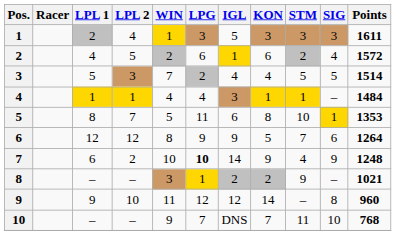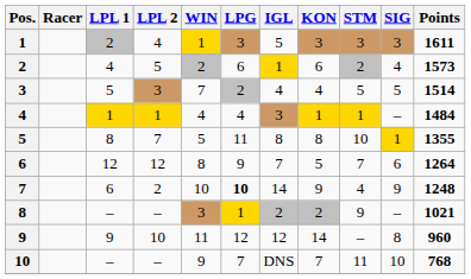 <table class="wikitable sortable plainrowheaders" style="text-align:center;">
 <tr>
 <th scope="col">Pos.</th>
 <th scope="col">Racer</th>
 <th scope="col"> <a href='#'>LPL</a> 1</th>
 <th scope="col"> <a href='#'>LPL</a> 2</th>
 <th scope="col"> <a href='#'>WIN</a></th>
 <th scope="col"> <a href='#'>LPG</a></th>
 <th scope="col"> <a href='#'>IGL</a></th>
 <th scope="col"> <a href='#'>KON</a></th>
 <th scope="col"> <a href='#'>STM</a></th>
 <th scope="col"> <a href='#'>SIG</a></th>
 <th style="width:45px;">Points</th>
 </tr>
 <tr>
 <th style="text-align:center;">1</th>
 <td align="left"></td>
 <td style="background:silver;">2</td>
 <td>4</td>
 <td style="background:gold;">1</td>
 <td style="background:#c96;">3</td>
 <td>5</td>
 <td style="background:#c96;">3</td>
 <td style="background:#c96;">3</td>
 <td style="background:#c96;">3</td>
 <td><strong>1611</strong></td>
 </tr>
 <tr>
 <th style="text-align:center;">2</th>
 <td align="left"></td>
 <td>4</td>
 <td>5</td>
 <td style="background:silver;">2</td>
 <td>6</td>
 <td style="background:gold;">1</td>
 <td>6</td>
 <td style="background:silver;">2</td>
 <td>4</td>
-<td><strong>1572</strong></td>
+<td><strong>1573</strong></td>
 </tr>
 <tr>
 <th style="text-align:center;">3</th>
 <td align="left"></td>
 <td>5</td>
 <td style="background:#c96;">3</td>
 <td>7</td>
 <td style="background:silver;">2</td>
 <td>4</td>
 <td>4</td>
 <td>5</td>
 <td>5</td>
 <td><strong>1514</strong></td>
 </tr>
 <tr>
 <th style="text-align:center;">4</th>
 <td align="left"></td>
 <td style="background:gold;">1</td>
 <td style="background:gold;">1</td>
 <td>4</td>
 <td>4</td>
 <td style="background:#c96;">3</td>
 <td style="background:gold;">1</td>
 <td style="background:gold;">1</td>
 <td>–</td>
 <td><strong>1484</strong></td>
 </tr>
 <tr>
 <th style="text-align:center;">5</th>
 <td align="left"></td>
 <td>8</td>
 <td>7</td>
 <td>5</td>
 <td>11</td>
-<td>6</td>
+<td>8</td>
 <td>8</td>
 <td>10</td>
 <td style="background:gold;">1</td>
-<td><strong>1353</strong></td>
+<td><strong>1355</strong></td>
 </tr>
 <tr>
 <th style="text-align:center;">6</th>
 <td align="left"></td>
 <td>12</td>
 <td>12</td>
 <td>8</td>
 <td>9</td>
-<td>9</td>
+<td>7</td>
 <td>5</td>
 <td>7</td>
 <td>6</td>
 <td><strong>1264</strong></td>
 </tr>
 <tr>
 <th style="text-align:center;">7</th>
 <td align="left"></td>
 <td>6</td>
 <td>2</td>
 <td>10</td>
 <td><strong>10</strong></td>
 <td>14</td>
 <td>9</td>
 <td>4</td>
 <td>9</td>
 <td><strong>1248</strong></td>
 </tr>
 <tr>
 <th style="text-align:center;">8</th>
 <td align="left"></td>
 <td>–</td>
 <td>–</td>
 <td style="background:#c96;">3</td>
 <td style="background:gold;">1</td>
 <td style="background:silver;">2</td>
 <td style="background:silver;">2</td>
 <td>9</td>
 <td>–</td>
 <td><strong>1021</strong></td>
 </tr>
 <tr>
 <th style="text-align:center;">9</th>
 <td align="left"></td>
 <td>9</td>
 <td>10</td>
 <td>11</td>
 <td>12</td>
 <td>12</td>
 <td>14</td>
 <td>–</td>
 <td>8</td>
 <td><strong>960</strong></td>
 </tr>
 <tr>
 <th style="text-align:center;">10</th>
 <td align="left"></td>
 <td>–</td>
 <td>–</td>
 <td>9</td>
 <td>7</td>
 <td>DNS</td>
 <td>7</td>
 <td>11</td>
 <td>10</td>
 <td><strong>768</strong></td>
 </tr>
 <tr>
 </tr>
 </table>
